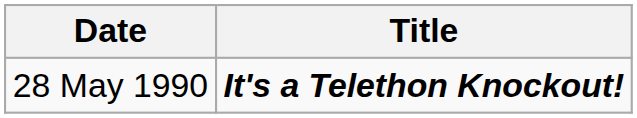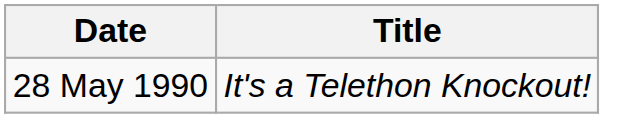 <table class="wikitable" style="text-align:center;">
 <tr>
 <th>Date</th>
 <th>Title</th>
 </tr>
 <tr>
 <td>28 May 1990</td>
-<td><strong><em>It's a Telethon Knockout!</em></strong></td>
+<td><em>It's a Telethon Knockout!</em></td>
 </tr>
 </table>
